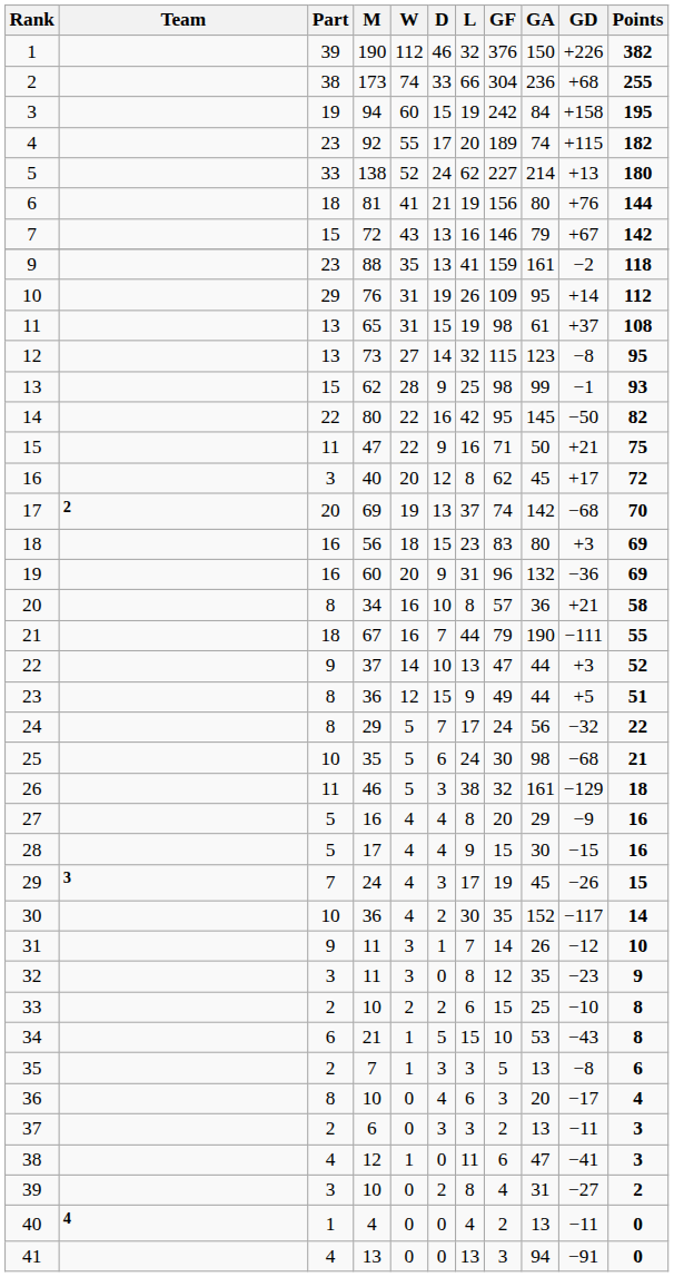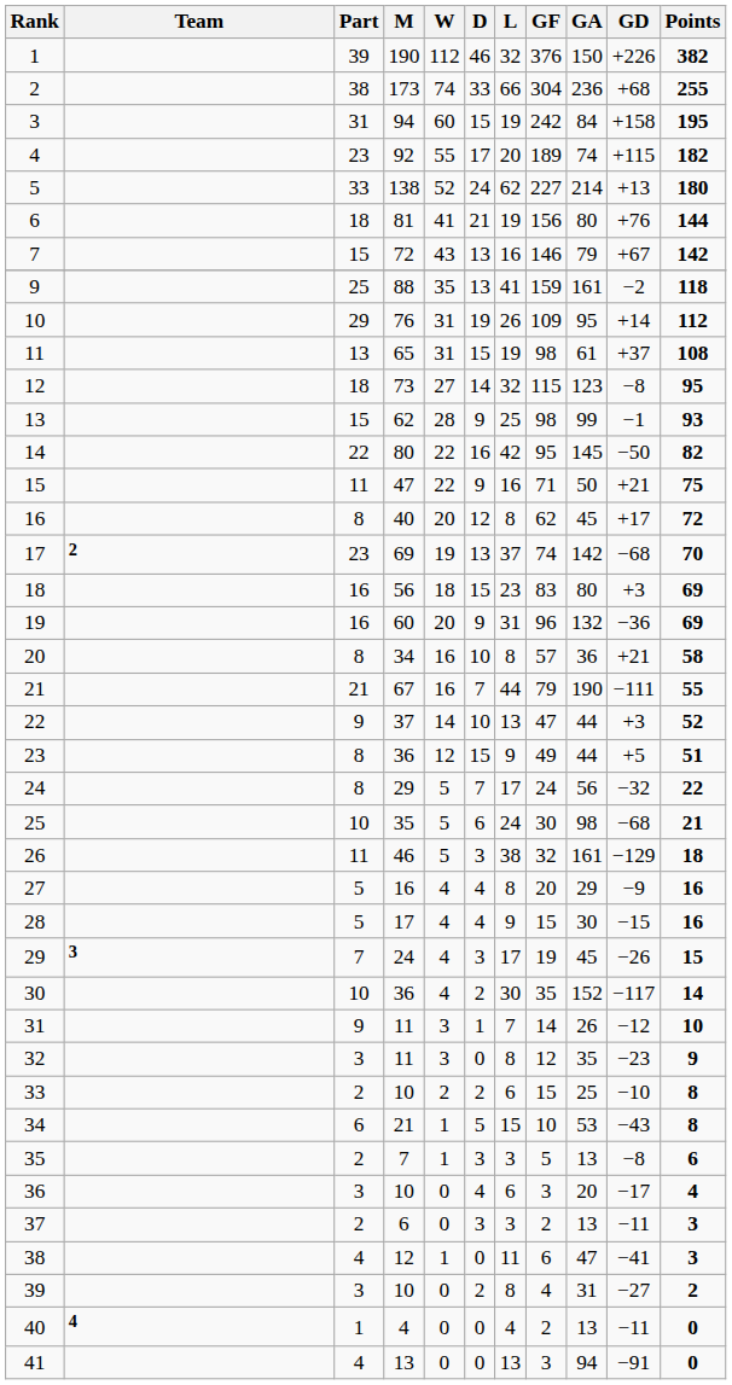 <table class="wikitable sortable" style="text-align:center">
 <tr>
 <th>Rank</th>
 <th width=200>Team</th>
 <th>Part</th>
 <th>M</th>
 <th>W</th>
 <th>D</th>
 <th>L</th>
 <th>GF</th>
 <th>GA</th>
 <th>GD</th>
 <th>Points</th>
 </tr>
 <tr>
 <td>1</td>
 <td align=left></td>
 <td>39</td>
 <td>190</td>
 <td>112</td>
 <td>46</td>
 <td>32</td>
 <td>376</td>
 <td>150</td>
 <td>+226</td>
 <td><strong>382</strong></td>
 </tr>
 <tr>
 <td>2</td>
 <td align=left></td>
 <td>38</td>
 <td>173</td>
 <td>74</td>
 <td>33</td>
 <td>66</td>
 <td>304</td>
 <td>236</td>
 <td>+68</td>
 <td><strong>255</strong></td>
 </tr>
 <tr>
 <td>3</td>
 <td align=left></td>
-<td>19</td>
+<td>31</td>
 <td>94</td>
 <td>60</td>
 <td>15</td>
 <td>19</td>
 <td>242</td>
 <td>84</td>
 <td>+158</td>
 <td><strong>195</strong></td>
 </tr>
 <tr>
 <td>4</td>
 <td align=left></td>
 <td>23</td>
 <td>92</td>
 <td>55</td>
 <td>17</td>
 <td>20</td>
 <td>189</td>
 <td>74</td>
 <td>+115</td>
 <td><strong>182</strong></td>
 </tr>
 <tr>
 <td>5</td>
 <td align=left></td>
 <td>33</td>
 <td>138</td>
 <td>52</td>
 <td>24</td>
 <td>62</td>
 <td>227</td>
 <td>214</td>
 <td>+13</td>
 <td><strong>180</strong></td>
 </tr>
 <tr>
 <td>6</td>
 <td align=left></td>
 <td>18</td>
 <td>81</td>
 <td>41</td>
 <td>21</td>
 <td>19</td>
 <td>156</td>
 <td>80</td>
 <td>+76</td>
 <td><strong>144</strong></td>
 </tr>
 <tr>
 <td>7</td>
 <td align=left></td>
 <td>15</td>
 <td>72</td>
 <td>43</td>
 <td>13</td>
 <td>16</td>
 <td>146</td>
 <td>79</td>
 <td>+67</td>
 <td><strong>142</strong></td>
 </tr>
 <tr>
 </tr>
 <tr>
 <td>9</td>
 <td align=left></td>
-<td>23</td>
+<td>25</td>
 <td>88</td>
 <td>35</td>
 <td>13</td>
 <td>41</td>
 <td>159</td>
 <td>161</td>
 <td>−2</td>
 <td><strong>118</strong></td>
 </tr>
 <tr>
 <td>10</td>
 <td align=left></td>
 <td>29</td>
 <td>76</td>
 <td>31</td>
 <td>19</td>
 <td>26</td>
 <td>109</td>
 <td>95</td>
 <td>+14</td>
 <td><strong>112</strong></td>
 </tr>
 <tr>
 <td>11</td>
 <td align=left></td>
 <td>13</td>
 <td>65</td>
 <td>31</td>
 <td>15</td>
 <td>19</td>
 <td>98</td>
 <td>61</td>
 <td>+37</td>
 <td><strong>108</strong></td>
 </tr>
 <tr>
 <td>12</td>
 <td align=left></td>
-<td>13</td>
+<td>18</td>
 <td>73</td>
 <td>27</td>
 <td>14</td>
 <td>32</td>
 <td>115</td>
 <td>123</td>
 <td>−8</td>
 <td><strong>95</strong></td>
 </tr>
 <tr>
 <td>13</td>
 <td align=left></td>
 <td>15</td>
 <td>62</td>
 <td>28</td>
 <td>9</td>
 <td>25</td>
 <td>98</td>
 <td>99</td>
 <td>−1</td>
 <td><strong>93</strong></td>
 </tr>
 <tr>
 <td>14</td>
 <td align=left></td>
 <td>22</td>
 <td>80</td>
 <td>22</td>
 <td>16</td>
 <td>42</td>
 <td>95</td>
 <td>145</td>
 <td>−50</td>
 <td><strong>82</strong></td>
 </tr>
 <tr>
 <td>15</td>
 <td align=left></td>
 <td>11</td>
 <td>47</td>
 <td>22</td>
 <td>9</td>
 <td>16</td>
 <td>71</td>
 <td>50</td>
 <td>+21</td>
 <td><strong>75</strong></td>
 </tr>
 <tr>
 <td>16</td>
 <td align=left></td>
-<td>3</td>
+<td>8</td>
 <td>40</td>
 <td>20</td>
 <td>12</td>
 <td>8</td>
 <td>62</td>
 <td>45</td>
 <td>+17</td>
 <td><strong>72</strong></td>
 </tr>
 <tr>
 <td>17</td>
 <td align=left><sup><strong>2</strong></sup></td>
-<td>20</td>
+<td>23</td>
 <td>69</td>
 <td>19</td>
 <td>13</td>
 <td>37</td>
 <td>74</td>
 <td>142</td>
 <td>−68</td>
 <td><strong>70</strong></td>
 </tr>
 <tr>
 <td>18</td>
 <td align=left></td>
 <td>16</td>
 <td>56</td>
 <td>18</td>
 <td>15</td>
 <td>23</td>
 <td>83</td>
 <td>80</td>
 <td>+3</td>
 <td><strong>69</strong></td>
 </tr>
 <tr>
 <td>19</td>
 <td align=left></td>
 <td>16</td>
 <td>60</td>
 <td>20</td>
 <td>9</td>
 <td>31</td>
 <td>96</td>
 <td>132</td>
 <td>−36</td>
 <td><strong>69</strong></td>
 </tr>
 <tr>
 <td>20</td>
 <td align=left></td>
 <td>8</td>
 <td>34</td>
 <td>16</td>
 <td>10</td>
 <td>8</td>
 <td>57</td>
 <td>36</td>
 <td>+21</td>
 <td><strong>58</strong></td>
 </tr>
 <tr>
 <td>21</td>
 <td align=left></td>
-<td>18</td>
+<td>21</td>
 <td>67</td>
 <td>16</td>
 <td>7</td>
 <td>44</td>
 <td>79</td>
 <td>190</td>
 <td>−111</td>
 <td><strong>55</strong></td>
 </tr>
 <tr>
 <td>22</td>
 <td align=left></td>
 <td>9</td>
 <td>37</td>
 <td>14</td>
 <td>10</td>
 <td>13</td>
 <td>47</td>
 <td>44</td>
 <td>+3</td>
 <td><strong>52</strong></td>
 </tr>
 <tr>
 <td>23</td>
 <td align=left></td>
 <td>8</td>
 <td>36</td>
 <td>12</td>
 <td>15</td>
 <td>9</td>
 <td>49</td>
 <td>44</td>
 <td>+5</td>
 <td><strong>51</strong></td>
 </tr>
 <tr>
 <td>24</td>
 <td align=left></td>
 <td>8</td>
 <td>29</td>
 <td>5</td>
 <td>7</td>
 <td>17</td>
 <td>24</td>
 <td>56</td>
 <td>−32</td>
 <td><strong>22</strong></td>
 </tr>
 <tr>
 <td>25</td>
 <td align=left></td>
 <td>10</td>
 <td>35</td>
 <td>5</td>
 <td>6</td>
 <td>24</td>
 <td>30</td>
 <td>98</td>
 <td>−68</td>
 <td><strong>21</strong></td>
 </tr>
 <tr>
 <td>26</td>
 <td align=left></td>
 <td>11</td>
 <td>46</td>
 <td>5</td>
 <td>3</td>
 <td>38</td>
 <td>32</td>
 <td>161</td>
 <td>−129</td>
 <td><strong>18</strong></td>
 </tr>
 <tr>
 <td>27</td>
 <td align=left></td>
 <td>5</td>
 <td>16</td>
 <td>4</td>
 <td>4</td>
 <td>8</td>
 <td>20</td>
 <td>29</td>
 <td>−9</td>
 <td><strong>16</strong></td>
 </tr>
 <tr>
 <td>28</td>
 <td align=left></td>
 <td>5</td>
 <td>17</td>
 <td>4</td>
 <td>4</td>
 <td>9</td>
 <td>15</td>
 <td>30</td>
 <td>−15</td>
 <td><strong>16</strong></td>
 </tr>
 <tr>
 <td>29</td>
 <td align=left><sup><strong>3</strong></sup></td>
 <td>7</td>
 <td>24</td>
 <td>4</td>
 <td>3</td>
 <td>17</td>
 <td>19</td>
 <td>45</td>
 <td>−26</td>
 <td><strong>15</strong></td>
 </tr>
 <tr>
 <td>30</td>
 <td align=left></td>
 <td>10</td>
 <td>36</td>
 <td>4</td>
 <td>2</td>
 <td>30</td>
 <td>35</td>
 <td>152</td>
 <td>−117</td>
 <td><strong>14</strong></td>
 </tr>
 <tr>
 <td>31</td>
 <td align=left></td>
 <td>9</td>
 <td>11</td>
 <td>3</td>
 <td>1</td>
 <td>7</td>
 <td>14</td>
 <td>26</td>
 <td>−12</td>
 <td><strong>10</strong></td>
 </tr>
 <tr>
 <td>32</td>
 <td align=left></td>
 <td>3</td>
 <td>11</td>
 <td>3</td>
 <td>0</td>
 <td>8</td>
 <td>12</td>
 <td>35</td>
 <td>−23</td>
 <td><strong>9</strong></td>
 </tr>
 <tr>
 <td>33</td>
 <td align=left></td>
 <td>2</td>
 <td>10</td>
 <td>2</td>
 <td>2</td>
 <td>6</td>
 <td>15</td>
 <td>25</td>
 <td>−10</td>
 <td><strong>8</strong></td>
 </tr>
 <tr>
 <td>34</td>
 <td align=left></td>
 <td>6</td>
 <td>21</td>
 <td>1</td>
 <td>5</td>
 <td>15</td>
 <td>10</td>
 <td>53</td>
 <td>−43</td>
 <td><strong>8</strong></td>
 </tr>
 <tr>
 <td>35</td>
 <td align=left></td>
 <td>2</td>
 <td>7</td>
 <td>1</td>
 <td>3</td>
 <td>3</td>
 <td>5</td>
 <td>13</td>
 <td>−8</td>
 <td><strong>6</strong></td>
 </tr>
 <tr>
 <td>36</td>
 <td align=left></td>
-<td>8</td>
+<td>3</td>
 <td>10</td>
 <td>0</td>
 <td>4</td>
 <td>6</td>
 <td>3</td>
 <td>20</td>
 <td>−17</td>
 <td><strong>4</strong></td>
 </tr>
 <tr>
 <td>37</td>
 <td align=left></td>
 <td>2</td>
 <td>6</td>
 <td>0</td>
 <td>3</td>
 <td>3</td>
 <td>2</td>
 <td>13</td>
 <td>−11</td>
 <td><strong>3</strong></td>
 </tr>
 <tr>
 <td>38</td>
 <td align=left></td>
 <td>4</td>
 <td>12</td>
 <td>1</td>
 <td>0</td>
 <td>11</td>
 <td>6</td>
 <td>47</td>
 <td>−41</td>
 <td><strong>3</strong></td>
 </tr>
 <tr>
 <td>39</td>
 <td align=left></td>
 <td>3</td>
 <td>10</td>
 <td>0</td>
 <td>2</td>
 <td>8</td>
 <td>4</td>
 <td>31</td>
 <td>−27</td>
 <td><strong>2</strong></td>
 </tr>
 <tr>
 <td>40</td>
 <td align=left><sup><strong>4</strong></sup></td>
 <td>1</td>
 <td>4</td>
 <td>0</td>
 <td>0</td>
 <td>4</td>
 <td>2</td>
 <td>13</td>
 <td>−11</td>
 <td><strong>0</strong></td>
 </tr>
 <tr>
 <td>41</td>
 <td align=left></td>
 <td>4</td>
 <td>13</td>
 <td>0</td>
 <td>0</td>
 <td>13</td>
 <td>3</td>
 <td>94</td>
 <td>−91</td>
 <td><strong>0</strong></td>
 </tr>
 </table>
